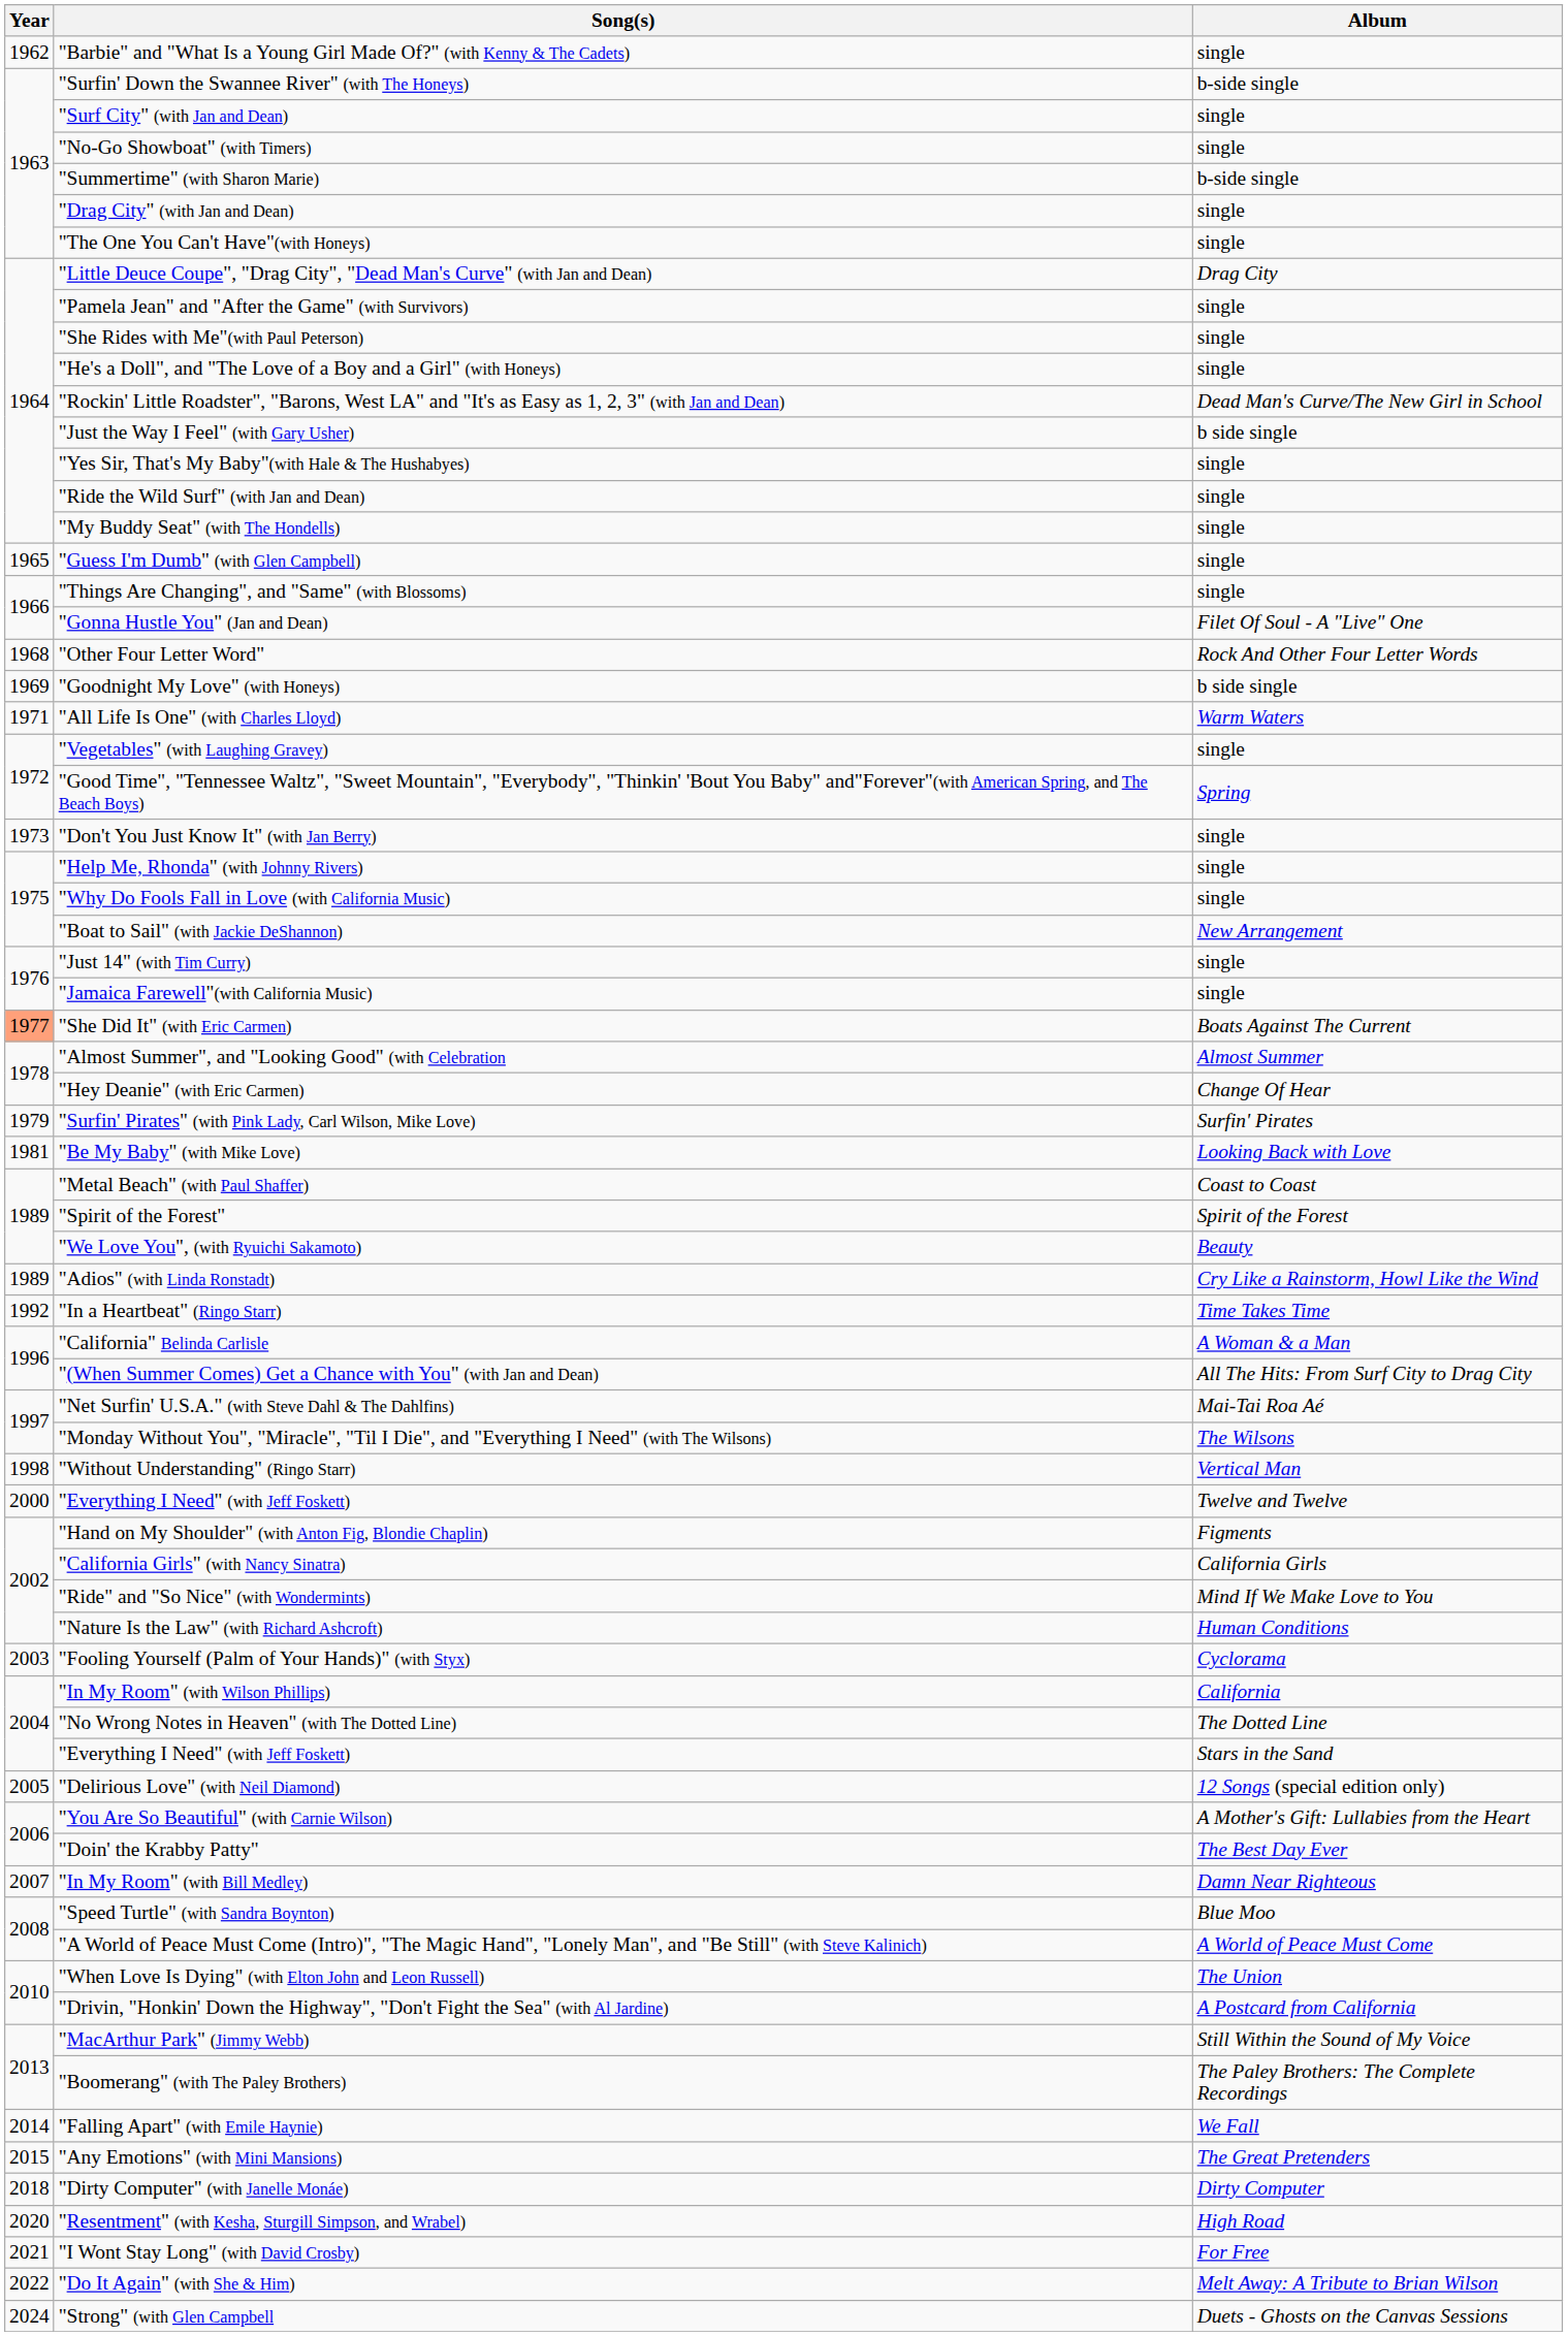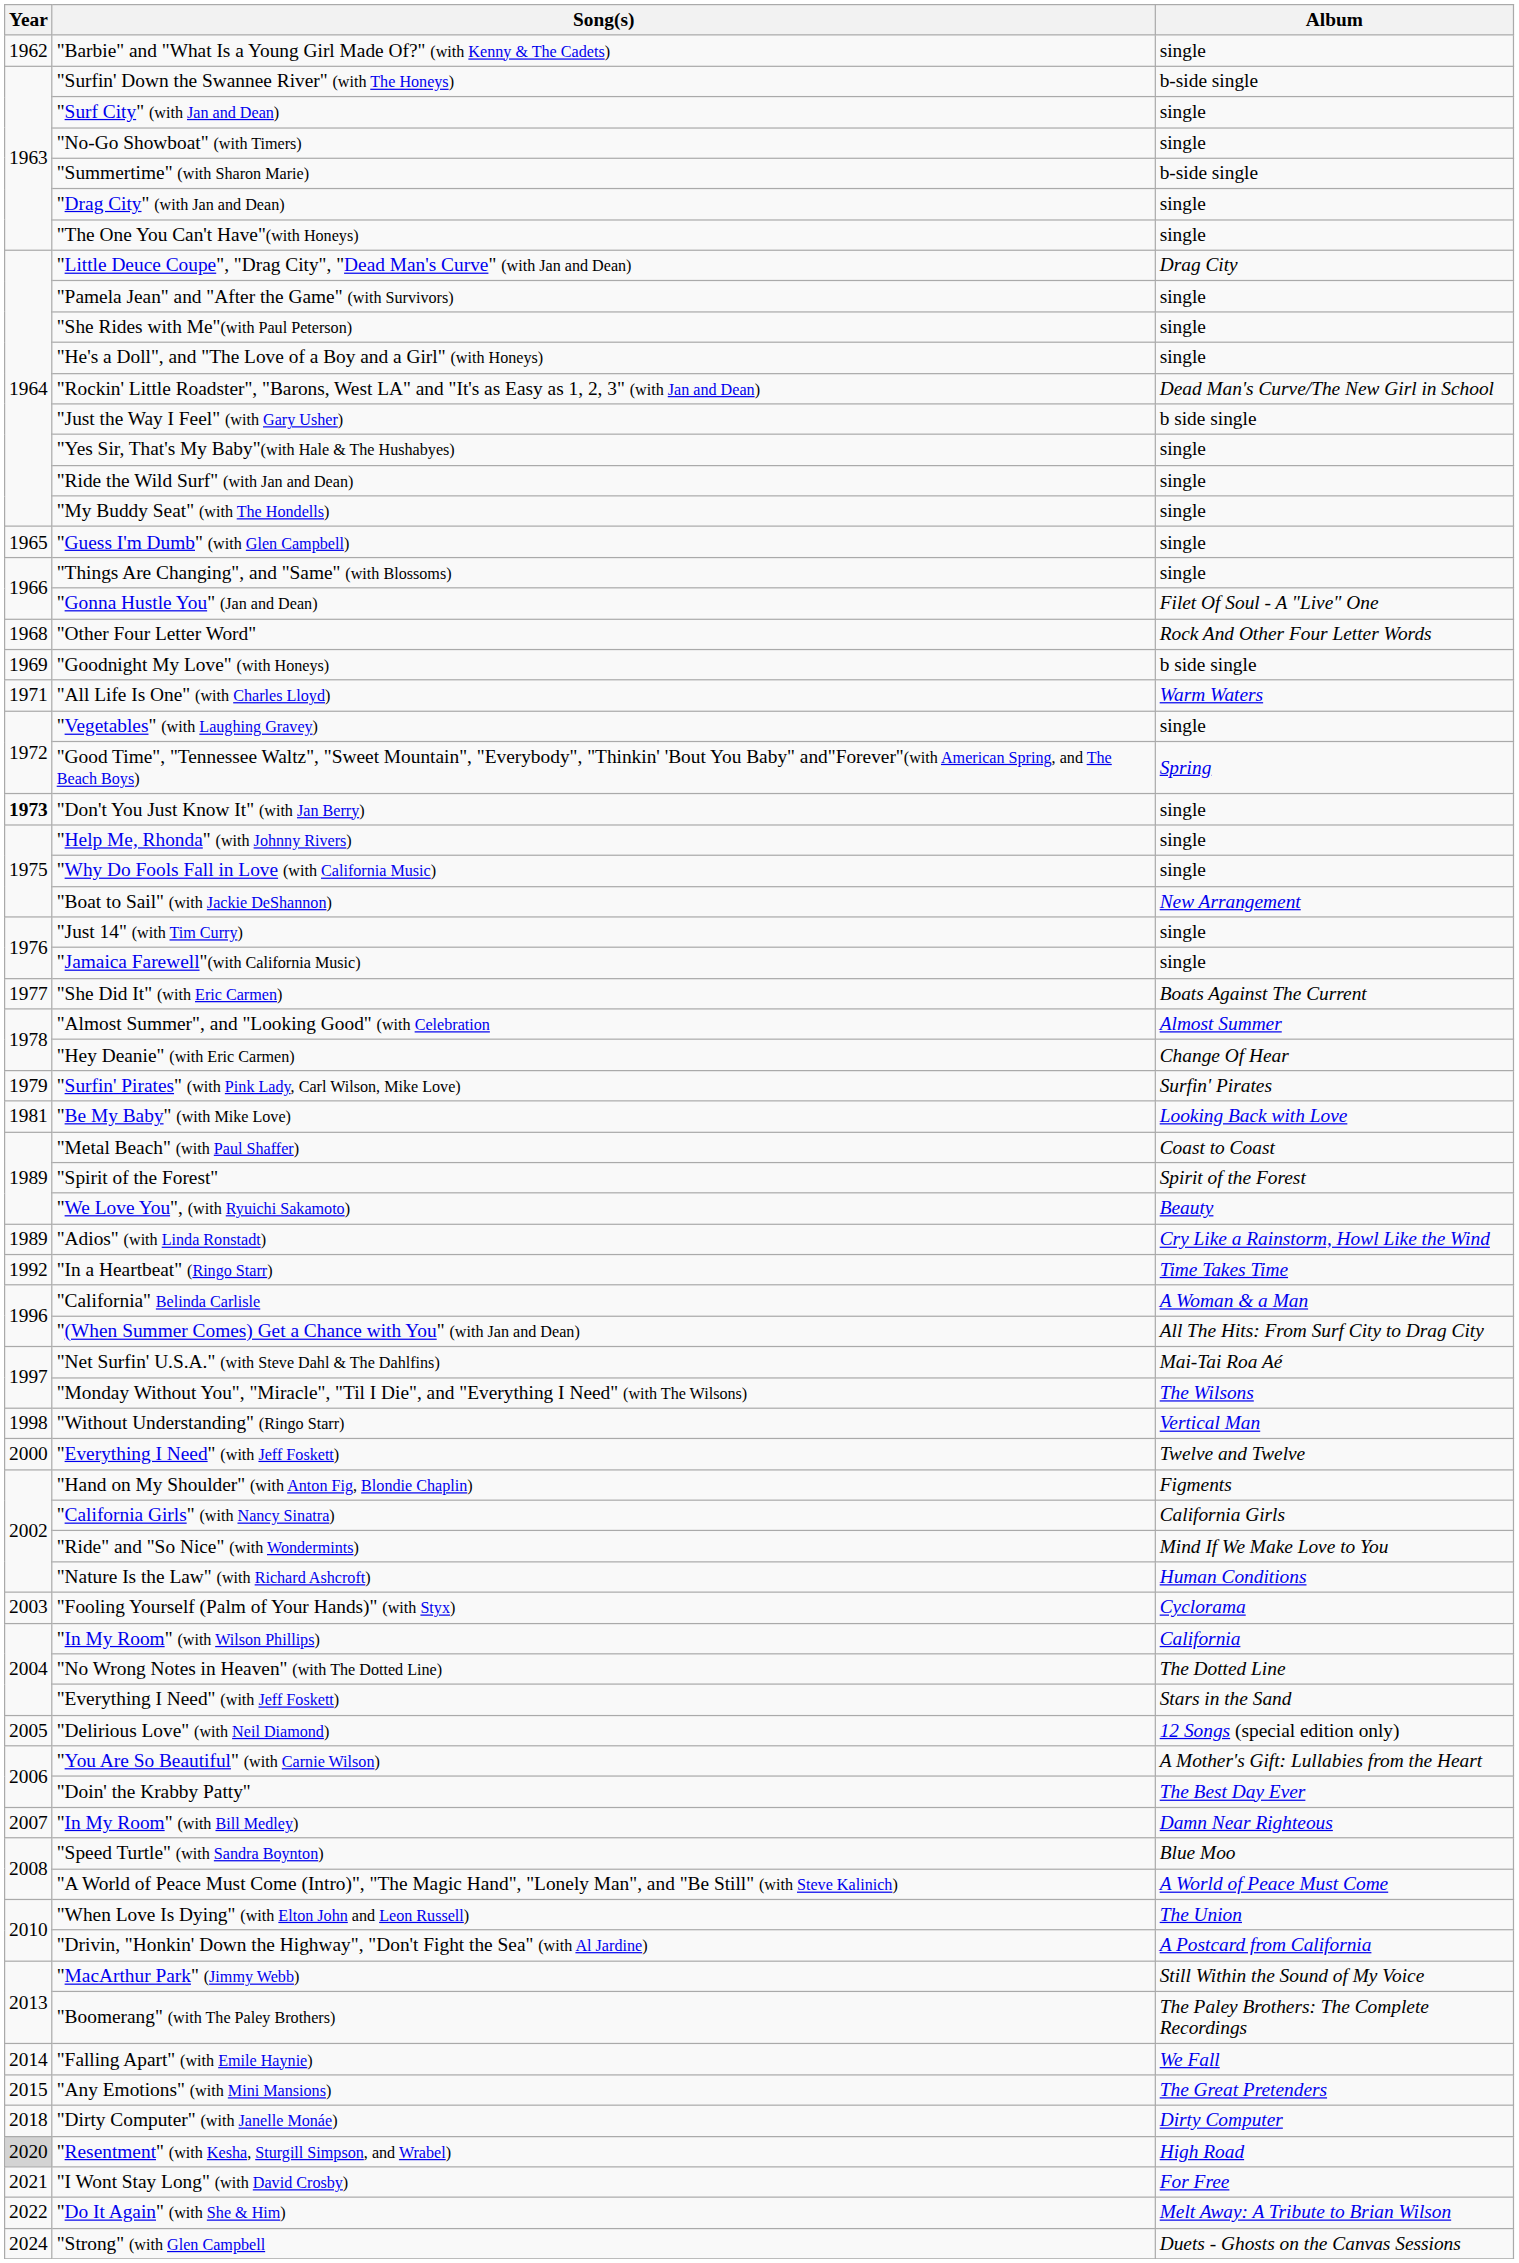 <table class="wikitable">
 <tr>
 <th scope="col">Year</th>
 <th scope="col">Song(s)</th>
 <th scope="col">Album</th>
 </tr>
 <tr>
 <td>1962</td>
 <td>"Barbie" and "What Is a Young Girl Made Of?" <small>(with <a href='#'>Kenny & The Cadets</a>)</small></td>
 <td>single</td>
 </tr>
 <tr>
 <td rowspan="6">1963</td>
 <td>"Surfin' Down the Swannee River" <small>(with <a href='#'>The Honeys</a>)</small></td>
 <td>b-side single</td>
 </tr>
 <tr>
 <td>"<a href='#'>Surf City</a>" <small>(with <a href='#'>Jan and Dean</a>)</small></td>
 <td>single</td>
 </tr>
 <tr>
 <td>"No-Go Showboat" <small>(with Timers)</small></td>
 <td>single</td>
 </tr>
 <tr>
 <td>"Summertime" <small>(with Sharon Marie)</small></td>
 <td>b-side single</td>
 </tr>
 <tr>
 <td>"<a href='#'>Drag City</a>" <small>(with Jan and Dean)</small></td>
 <td>single</td>
 </tr>
 <tr>
 <td>"The One You Can't Have"<small>(with Honeys)</small></td>
 <td>single</td>
 </tr>
 <tr>
 <td rowspan="9">1964</td>
 <td>"<a href='#'>Little Deuce Coupe</a>", "Drag City", "<a href='#'>Dead Man's Curve</a>" <small>(with Jan and Dean)</small></td>
 <td><em>Drag City</em></td>
 </tr>
 <tr>
 <td>"Pamela Jean" and "After the Game" <small>(with Survivors)</small></td>
 <td>single</td>
 </tr>
 <tr>
 <td>"She Rides with Me"<small>(with Paul Peterson)</small></td>
 <td>single</td>
 </tr>
 <tr>
 <td>"He's a Doll", and "The Love of a Boy and a Girl" <small>(with Honeys)</small></td>
 <td>single</td>
 </tr>
 <tr>
 <td>"Rockin' Little Roadster", "Barons, West LA" and "It's as Easy as 1, 2, 3" <small>(with <a href='#'>Jan and Dean</a>)</small></td>
 <td><em>Dead Man's Curve/The New Girl in School</em></td>
 </tr>
 <tr>
 <td>"Just the Way I Feel" <small>(with <a href='#'>Gary Usher</a>)</small></td>
 <td>b side single</td>
 </tr>
 <tr>
 <td>"Yes Sir, That's My Baby"<small>(with Hale & The Hushabyes)</small></td>
 <td>single</td>
 </tr>
 <tr>
 <td>"Ride the Wild Surf" <small>(with Jan and Dean)</small></td>
 <td>single</td>
 </tr>
 <tr>
 <td>"My Buddy Seat" <small>(with <a href='#'>The Hondells</a>)</small></td>
 <td>single</td>
 </tr>
 <tr>
 <td>1965</td>
 <td>"<a href='#'>Guess I'm Dumb</a>" <small>(with <a href='#'>Glen Campbell</a>)</small></td>
 <td>single</td>
 </tr>
 <tr>
 <td rowspan="2">1966</td>
 <td>"Things Are Changing", and "Same" <small>(with Blossoms)</small></td>
 <td>single</td>
 </tr>
 <tr>
 <td>"<a href='#'>Gonna Hustle You</a>" <small>(Jan and Dean)</small></td>
 <td><em>Filet Of Soul - A "Live" One</em></td>
 </tr>
 <tr>
 <td>1968</td>
 <td>"Other Four Letter Word"</td>
 <td><em>Rock And Other Four Letter Words</em></td>
 </tr>
 <tr>
 <td>1969</td>
 <td>"Goodnight My Love" <small>(with Honeys)</small></td>
 <td>b side single</td>
 </tr>
 <tr>
 <td>1971</td>
 <td>"All Life Is One" <small>(with <a href='#'>Charles Lloyd</a>)</small></td>
 <td><em><a href='#'>Warm Waters</a></em></td>
 </tr>
 <tr>
 <td rowspan="2">1972</td>
 <td>"<a href='#'>Vegetables</a>" <small>(with <a href='#'>Laughing Gravey</a>)</small></td>
 <td>single</td>
 </tr>
 <tr>
 <td>"Good Time", "Tennessee Waltz", "Sweet Mountain", "Everybody", "Thinkin' 'Bout You Baby" and"Forever"<small>(with <a href='#'>American Spring</a>, and <a href='#'>The Beach Boys</a>)</small></td>
 <td><em><a href='#'>Spring</a></em></td>
 </tr>
 <tr>
-<td>1973</td>
+<td><strong>1973</strong></td>
 <td>"Don't You Just Know It" <small>(with <a href='#'>Jan Berry</a>)</small></td>
 <td>single</td>
 </tr>
 <tr>
 <td rowspan="3">1975</td>
 <td>"<a href='#'>Help Me, Rhonda</a>" <small>(with <a href='#'>Johnny Rivers</a>)</small></td>
 <td>single</td>
 </tr>
 <tr>
 <td>"<a href='#'>Why Do Fools Fall in Love</a> <small>(with <a href='#'>California Music</a>)</small></td>
 <td>single</td>
 </tr>
 <tr>
 <td>"Boat to Sail" <small>(with <a href='#'>Jackie DeShannon</a>)</small></td>
 <td><em><a href='#'>New Arrangement</a></em></td>
 </tr>
 <tr>
 <td rowspan="2">1976</td>
 <td>"Just 14"  <small>(with <a href='#'>Tim Curry</a>)</small></td>
 <td>single</td>
 </tr>
 <tr>
 <td>"<a href='#'>Jamaica Farewell</a>"<small>(with California Music)</small></td>
 <td>single</td>
 </tr>
 <tr>
-<td style="background: lightsalmon;">1977</td>
+<td>1977</td>
 <td>"She Did It" <small>(with <a href='#'>Eric Carmen</a>)</small></td>
 <td><em>Boats Against The Current</em></td>
 </tr>
 <tr>
 <td rowspan="2">1978</td>
 <td>"Almost Summer", and "Looking Good" <small>(with <a href='#'>Celebration</a></small></td>
 <td><em><a href='#'>Almost Summer</a></em></td>
 </tr>
 <tr>
 <td>"Hey Deanie" <small>(with Eric Carmen)</small></td>
 <td><em>Change Of Hear</em></td>
 </tr>
 <tr>
 <td>1979</td>
 <td>"<a href='#'>Surfin' Pirates</a>" <small>(with <a href='#'>Pink Lady</a>, Carl Wilson, Mike Love)</small></td>
 <td><em>Surfin' Pirates</em></td>
 </tr>
 <tr>
 <td>1981</td>
 <td>"<a href='#'>Be My Baby</a>" <small>(with Mike Love)</small></td>
 <td><em><a href='#'>Looking Back with Love</a></em></td>
 </tr>
 <tr>
 <td rowspan="3">1989</td>
 <td>"Metal Beach" <small>(with <a href='#'>Paul Shaffer</a>)</small></td>
 <td><em>Coast to Coast</em></td>
 </tr>
 <tr>
 <td>"Spirit of the Forest"</td>
 <td><em>Spirit of the Forest</em></td>
 </tr>
 <tr>
 <td>"<a href='#'>We Love You</a>", <small>(with <a href='#'>Ryuichi Sakamoto</a>)</small></td>
 <td><em><a href='#'>Beauty</a></em></td>
 </tr>
 <tr>
 <td>1989</td>
 <td>"Adios" <small>(with <a href='#'>Linda Ronstadt</a>)</small></td>
 <td><em><a href='#'>Cry Like a Rainstorm, Howl Like the Wind</a></em></td>
 </tr>
 <tr>
 <td>1992</td>
 <td>"In a Heartbeat" <small>(<a href='#'>Ringo Starr</a>)</small></td>
 <td><em><a href='#'>Time Takes Time</a></em></td>
 </tr>
 <tr>
 <td rowspan="2">1996</td>
 <td>"California" <small><a href='#'>Belinda Carlisle</a></small></td>
 <td><em><a href='#'>A Woman & a Man</a></em></td>
 </tr>
 <tr>
 <td>"<a href='#'>(When Summer Comes) Get a Chance with You</a>" <small>(with Jan and Dean)</small></td>
 <td><em>All The Hits: From Surf City to Drag City</em></td>
 </tr>
 <tr>
 <td rowspan="2">1997</td>
 <td>"Net Surfin' U.S.A." <small>(with Steve Dahl & The Dahlfins)</small></td>
 <td><em>Mai-Tai Roa Aé</em></td>
 </tr>
 <tr>
 <td>"Monday Without You", "Miracle", "Til I Die", and "Everything I Need" <small>(with The Wilsons)</small></td>
 <td><em><a href='#'>The Wilsons</a></em></td>
 </tr>
 <tr>
 <td>1998</td>
 <td>"Without Understanding" <small>(Ringo Starr)</small></td>
 <td><em><a href='#'>Vertical Man</a></em></td>
 </tr>
 <tr>
 <td>2000</td>
 <td>"<a href='#'>Everything I Need</a>" <small>(with <a href='#'>Jeff Foskett</a>)</small></td>
 <td><em>Twelve and Twelve</em></td>
 </tr>
 <tr>
 <td rowspan="4">2002</td>
 <td>"Hand on My Shoulder" <small>(with <a href='#'>Anton Fig</a>, <a href='#'>Blondie Chaplin</a>)</small></td>
 <td><em>Figments</em></td>
 </tr>
 <tr>
 <td>"<a href='#'>California Girls</a>" <small>(with <a href='#'>Nancy Sinatra</a>)</small></td>
 <td><em>California Girls</em></td>
 </tr>
 <tr>
 <td>"Ride" and "So Nice" <small>(with <a href='#'>Wondermints</a>)</small></td>
 <td><em>Mind If We Make Love to You</em></td>
 </tr>
 <tr>
 <td>"Nature Is the Law" <small>(with <a href='#'>Richard Ashcroft</a>)</small></td>
 <td><em><a href='#'>Human Conditions</a></em></td>
 </tr>
 <tr>
 <td>2003</td>
 <td>"Fooling Yourself (Palm of Your Hands)" <small>(with <a href='#'>Styx</a>)</small></td>
 <td><em><a href='#'>Cyclorama</a></em></td>
 </tr>
 <tr>
 <td rowspan="3">2004</td>
 <td>"<a href='#'>In My Room</a>" <small>(with <a href='#'>Wilson Phillips</a>)</small></td>
 <td><em><a href='#'>California</a></em></td>
 </tr>
 <tr>
 <td>"No Wrong Notes in Heaven" <small>(with The Dotted Line)</small></td>
 <td><em>The Dotted Line</em></td>
 </tr>
 <tr>
 <td>"Everything I Need" <small>(with <a href='#'>Jeff Foskett</a>)</small></td>
 <td><em>Stars in the Sand</em></td>
 </tr>
 <tr>
 <td>2005</td>
 <td>"Delirious Love" <small>(with <a href='#'>Neil Diamond</a>)</small></td>
 <td><em><a href='#'>12 Songs</a></em> (special edition only)</td>
 </tr>
 <tr>
 <td rowspan="2">2006</td>
 <td>"<a href='#'>You Are So Beautiful</a>" <small>(with <a href='#'>Carnie Wilson</a>)</small></td>
 <td><em>A Mother's Gift: Lullabies from the Heart</em></td>
 </tr>
 <tr>
 <td>"Doin' the Krabby Patty"</td>
 <td><em><a href='#'>The Best Day Ever</a></em></td>
 </tr>
 <tr>
 <td>2007</td>
 <td>"<a href='#'>In My Room</a>" <small>(with <a href='#'>Bill Medley</a>)</small></td>
 <td><em><a href='#'>Damn Near Righteous</a></em></td>
 </tr>
 <tr>
 <td rowspan="2">2008</td>
 <td>"Speed Turtle" <small>(with <a href='#'>Sandra Boynton</a>)</small></td>
 <td><em>Blue Moo</em></td>
 </tr>
 <tr>
 <td>"A World of Peace Must Come (Intro)", "The Magic Hand", "Lonely Man", and "Be Still" <small>(with <a href='#'>Steve Kalinich</a>)</small></td>
 <td><em><a href='#'>A World of Peace Must Come</a></em></td>
 </tr>
 <tr>
 <td rowspan="2">2010</td>
 <td>"When Love Is Dying" <small>(with <a href='#'>Elton John</a> and <a href='#'>Leon Russell</a>)</small></td>
 <td><em><a href='#'>The Union</a></em></td>
 </tr>
 <tr>
 <td>"Drivin, "Honkin' Down the Highway", "Don't Fight the Sea" <small>(with <a href='#'>Al Jardine</a>)</small></td>
 <td><em><a href='#'>A Postcard from California</a></em></td>
 </tr>
 <tr>
 <td rowspan="2">2013</td>
 <td>"<a href='#'>MacArthur Park</a>" <small>(<a href='#'>Jimmy Webb</a>)</small></td>
 <td><em>Still Within the Sound of My Voice</em></td>
 </tr>
 <tr>
 <td>"Boomerang" <small>(with The Paley Brothers)</small></td>
 <td><em>The Paley Brothers: The Complete Recordings</em></td>
 </tr>
 <tr>
 <td>2014</td>
 <td>"Falling Apart" <small>(with <a href='#'>Emile Haynie</a>)</small></td>
 <td><em><a href='#'>We Fall</a></em></td>
 </tr>
 <tr>
 <td>2015</td>
 <td>"Any Emotions" <small>(with <a href='#'>Mini Mansions</a>)</small></td>
 <td><em><a href='#'>The Great Pretenders</a></em></td>
 </tr>
 <tr>
 <td>2018</td>
 <td>"Dirty Computer" <small>(with <a href='#'>Janelle Monáe</a>)</small></td>
 <td><em><a href='#'>Dirty Computer</a></em></td>
 </tr>
 <tr>
-<td>2020</td>
+<td style="background: lightgrey;">2020</td>
 <td>"<a href='#'>Resentment</a>" <small>(with <a href='#'>Kesha</a>, <a href='#'>Sturgill Simpson</a>, and <a href='#'>Wrabel</a>)</small></td>
 <td><em><a href='#'>High Road</a></em></td>
 </tr>
 <tr>
 <td>2021</td>
 <td>"I Wont Stay Long" <small>(with <a href='#'>David Crosby</a>)</small></td>
 <td><em><a href='#'>For Free</a></em></td>
 </tr>
 <tr>
 <td>2022</td>
 <td>"<a href='#'>Do It Again</a>" <small>(with <a href='#'>She & Him</a>)</small></td>
 <td><em><a href='#'>Melt Away: A Tribute to Brian Wilson</a></em></td>
 </tr>
 <tr>
 <td>2024</td>
 <td>"Strong" <small>(with <a href='#'>Glen Campbell</a></small></td>
 <td><em>Duets - Ghosts on the Canvas Sessions</em></td>
 </tr>
 </table>
